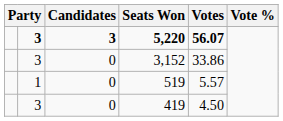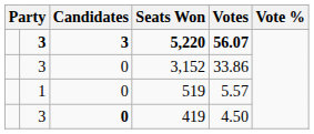 <table class="wikitable" style="text-align: right;">
 <tr>
 <th colspan=2>Party</th>
 <th scope="col" text-align="right">Candidates</th>
 <th>Seats Won</th>
 <th>Votes</th>
 <th>Vote %</th>
 </tr>
 <tr style="font-weight: bold;">
 <td></td>
 <td>3</td>
 <td>3</td>
 <td>5,220</td>
 <td>56.07</td>
 </tr>
 <tr>
 <td></td>
 <td>3</td>
 <td>0</td>
 <td>3,152</td>
 <td>33.86</td>
 </tr>
 <tr>
 <td></td>
 <td>1</td>
 <td>0</td>
 <td>519</td>
 <td>5.57</td>
 </tr>
 <tr>
 <td></td>
 <td>3</td>
-<td>0</td>
+<td><strong>0</strong></td>
 <td>419</td>
 <td>4.50</td>
 </tr>
 </table>
